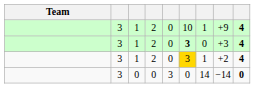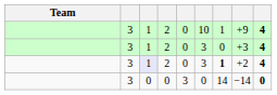 <table class="wikitable" style="text-align:center;">
 <tr>
 <th width=165>Team</th>
 <th width=20></th>
 <th width=20></th>
 <th width=20></th>
 <th width=20></th>
 <th width=20></th>
 <th width=20></th>
 <th width=20></th>
 <th width=20></th>
 </tr>
 <tr style="background:#cfc;">
 <td align="left"></td>
 <td>3</td>
 <td>1</td>
 <td>2</td>
 <td>0</td>
 <td>10</td>
 <td>1</td>
 <td>+9</td>
 <td><strong>4</strong></td>
 </tr>
 <tr style="background:#cfc;">
 <td align="left"></td>
 <td>3</td>
 <td>1</td>
 <td>2</td>
 <td>0</td>
-<td><strong>3</strong></td>
+<td>3</td>
 <td>0</td>
 <td>+3</td>
 <td><strong>4</strong></td>
 </tr>
 <tr>
 <td align="left"></td>
 <td>3</td>
-<td>1</td>
+<td style="background: lavender;">1</td>
 <td>2</td>
 <td>0</td>
-<td style="background: gold;">3</td>
-<td>1</td>
+<td>3</td>
+<td><strong>1</strong></td>
 <td>+2</td>
 <td><strong>4</strong></td>
 </tr>
 <tr>
 <td align="left"></td>
 <td>3</td>
 <td>0</td>
 <td>0</td>
 <td>3</td>
 <td>0</td>
 <td>14</td>
 <td>−14</td>
 <td><strong>0</strong></td>
 </tr>
 </table>
